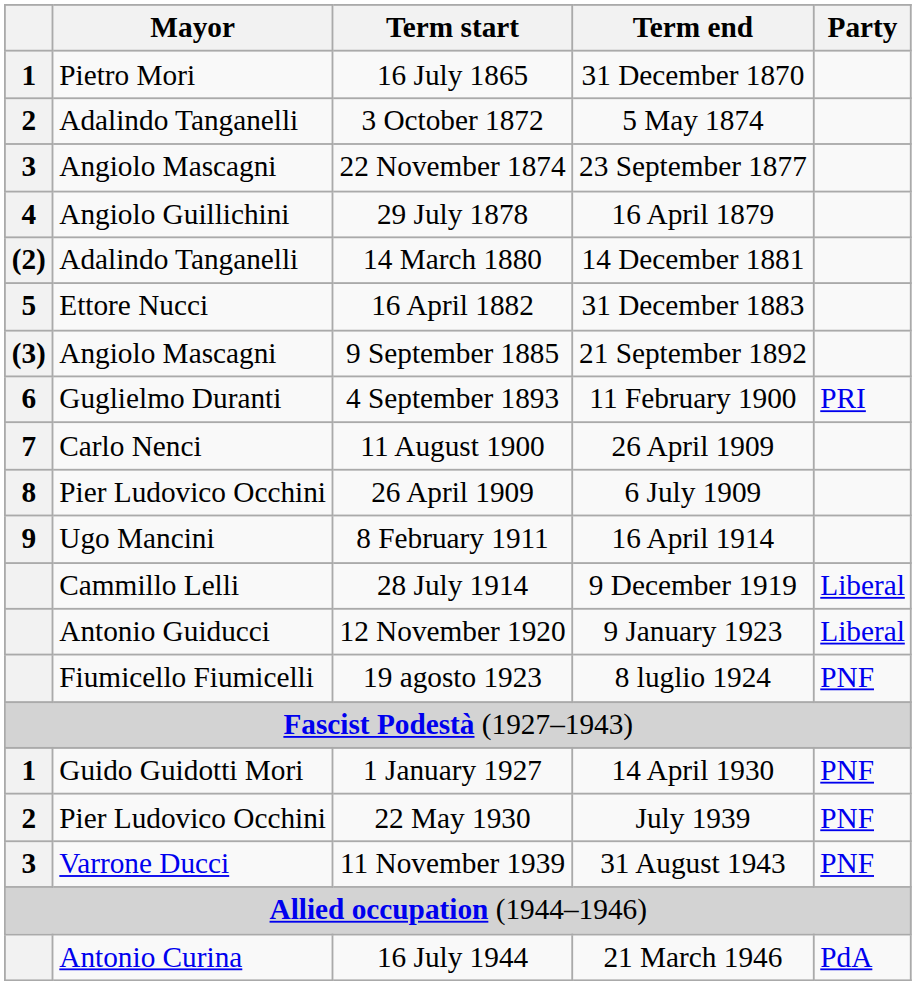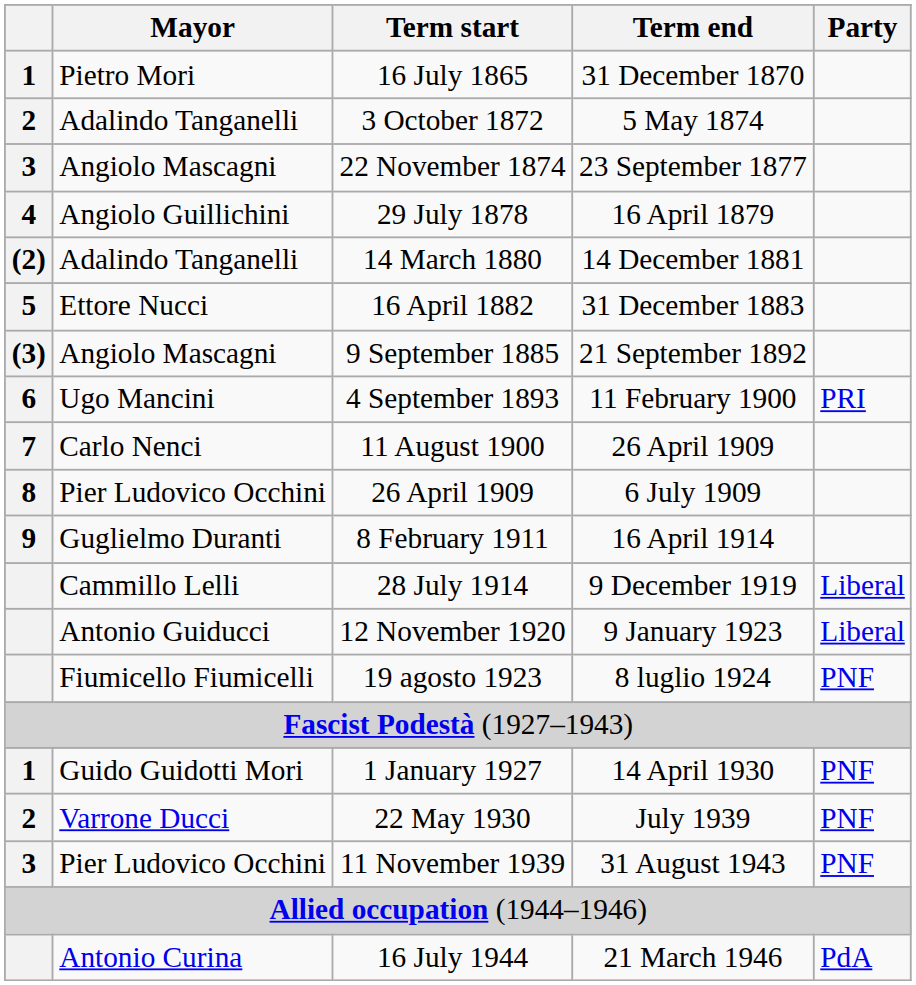 <table class="wikitable">
 <tr>
 <th class=unsortable> </th>
 <th>Mayor</th>
 <th>Term start</th>
 <th>Term end</th>
 <th>Party</th>
 </tr>
 <tr>
 <th style="background:">1</th>
 <td>Pietro Mori</td>
 <td align=center>16 July 1865</td>
 <td align=center>31 December 1870</td>
 <td></td>
 </tr>
 <tr>
 <th style="background:">2</th>
 <td>Adalindo Tanganelli</td>
 <td align=center>3 October 1872</td>
 <td align=center>5 May 1874</td>
 <td></td>
 </tr>
 <tr>
 <th style="background:">3</th>
 <td>Angiolo Mascagni</td>
 <td align=center>22 November 1874</td>
 <td align=center>23 September 1877</td>
 <td></td>
 </tr>
 <tr>
 <th style="background:">4</th>
 <td>Angiolo Guillichini</td>
 <td align=center>29 July 1878</td>
 <td align=center>16 April 1879</td>
 <td></td>
 </tr>
 <tr>
 <th style="background:">(2)</th>
 <td>Adalindo Tanganelli</td>
 <td align=center>14 March 1880</td>
 <td align=center>14 December 1881</td>
 <td></td>
 </tr>
 <tr>
 <th style="background:">5</th>
 <td>Ettore Nucci</td>
 <td align=center>16 April 1882</td>
 <td align=center>31 December 1883</td>
 <td></td>
 </tr>
 <tr>
 <th style="background:">(3)</th>
 <td>Angiolo Mascagni</td>
 <td align=center>9 September 1885</td>
 <td align=center>21 September 1892</td>
 <td></td>
 </tr>
 <tr>
 <th style="background:">6</th>
-<td>Guglielmo Duranti</td>
+<td>Ugo Mancini</td>
 <td align=center>4 September 1893</td>
 <td align=center>11 February 1900</td>
 <td><a href='#'>PRI</a></td>
 </tr>
 <tr>
 <th style="background:">7</th>
 <td>Carlo Nenci</td>
 <td align=center>11 August 1900</td>
 <td align=center>26 April 1909</td>
 <td></td>
 </tr>
 <tr>
 <th style="background:">8</th>
 <td>Pier Ludovico Occhini</td>
 <td align=center>26 April 1909</td>
 <td align=center>6 July 1909</td>
 <td></td>
 </tr>
 <tr>
 <th style="background:">9</th>
-<td>Ugo Mancini</td>
+<td>Guglielmo Duranti</td>
 <td align=center>8 February 1911</td>
 <td align=center>16 April 1914</td>
 <td></td>
 </tr>
 <tr>
 <th style="background:"></th>
 <td>Cammillo Lelli</td>
 <td align=center>28 July 1914</td>
 <td align=center>9 December 1919</td>
 <td><a href='#'>Liberal</a></td>
 </tr>
 <tr>
 <th style="background:"></th>
 <td>Antonio Guiducci</td>
 <td align=center>12 November 1920</td>
 <td align=center>9 January 1923</td>
 <td><a href='#'>Liberal</a></td>
 </tr>
 <tr>
 <th rowspan=1 style="background:"></th>
 <td>Fiumicello Fiumicelli</td>
 <td align=center>19 agosto 1923</td>
 <td align=center>8 luglio 1924</td>
 <td><a href='#'>PNF</a></td>
 </tr>
 <tr>
 <td colspan="8" bgcolor="lightgrey" align=center><strong><a href='#'>Fascist Podestà</a></strong> (1927–1943)</td>
 </tr>
 <tr>
 <th rowspan=1 style="background:">1</th>
 <td>Guido Guidotti Mori</td>
 <td align=center>1 January 1927</td>
 <td align=center>14 April 1930</td>
 <td><a href='#'>PNF</a></td>
 </tr>
 <tr>
 <th rowspan=1 style="background:">2</th>
-<td>Pier Ludovico Occhini</td>
+<td><a href='#'>Varrone Ducci</a></td>
 <td align=center>22 May 1930</td>
 <td align=center>July 1939</td>
 <td><a href='#'>PNF</a></td>
 </tr>
 <tr>
 <th rowspan=1 style="background:">3</th>
-<td><a href='#'>Varrone Ducci</a></td>
+<td>Pier Ludovico Occhini</td>
 <td align=center>11 November 1939</td>
 <td align=center>31 August 1943</td>
 <td><a href='#'>PNF</a></td>
 </tr>
 <tr>
 <td colspan="8" bgcolor="lightgrey" align=center><strong><a href='#'>Allied occupation</a></strong> (1944–1946)</td>
 </tr>
 <tr>
 <th style="background:"></th>
 <td><a href='#'>Antonio Curina</a></td>
 <td align=center>16 July 1944</td>
 <td align=center>21 March 1946</td>
 <td><a href='#'>PdA</a></td>
 </tr>
 </table>
